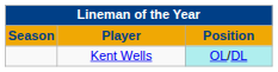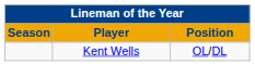 <table class="wikitable sortable" style="text-align:center">
 <tr>
 <td colspan="4" style="background:#003F87; color:#FFFFFF;"><strong>Lineman of the Year</strong></td>
 </tr>
 <tr>
 <th style="width:50px; background:#F0A804; color:#003F87;">Season</th>
 <th style="width:150px; background:#F0A804; color:#003F87;">Player</th>
 <th style="width:100px; background:#F0A804; color:#003F87;">Position</th>
 </tr>
 <tr>
 <td></td>
 <td><a href='#'>Kent Wells</a></td>
-<td style="background: paleturquoise;"><a href='#'>OL</a>/<a href='#'>DL</a></td>
+<td><a href='#'>OL</a>/<a href='#'>DL</a></td>
 </tr>
 </table>
